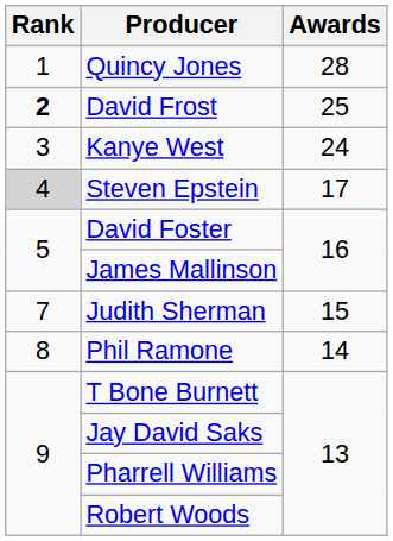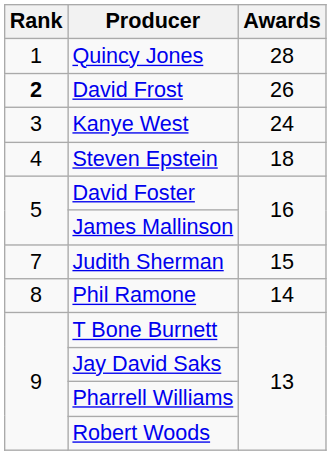 <table class="wikitable" style="text-align: center; cellpadding: 2;">
 <tr>
 <th>Rank</th>
 <th>Producer</th>
 <th>Awards</th>
 </tr>
 <tr>
 <td>1</td>
 <td style="text-align: left;"><a href='#'>Quincy Jones</a></td>
 <td>28</td>
 </tr>
 <tr>
 <td><strong>2</strong></td>
 <td style="text-align: left;"><a href='#'>David Frost</a></td>
-<td>25</td>
+<td>26</td>
 </tr>
 <tr>
 <td>3</td>
 <td style="text-align: left;"><a href='#'>Kanye West</a></td>
 <td>24</td>
 </tr>
 <tr>
-<td style="background: lightgrey;">4</td>
+<td>4</td>
 <td style="text-align: left;"><a href='#'>Steven Epstein</a></td>
-<td>17</td>
+<td>18</td>
 </tr>
 <tr>
 <td rowspan="2">5</td>
 <td style="text-align: left;"><a href='#'>David Foster</a></td>
 <td rowspan="2">16</td>
 </tr>
 <tr>
 <td style="text-align: left;"><a href='#'>James Mallinson</a></td>
 </tr>
 <tr>
 <td rowspan="1">7</td>
 <td style="text-align: left;"><a href='#'>Judith Sherman</a></td>
 <td rowspan="1">15</td>
 </tr>
 <tr>
 <td>8</td>
 <td style="text-align: left;"><a href='#'>Phil Ramone</a></td>
 <td>14</td>
 </tr>
 <tr>
 <td rowspan="4">9</td>
 <td style="text-align: left;"><a href='#'>T Bone Burnett</a></td>
 <td rowspan=4>13</td>
 </tr>
 <tr>
 <td style="text-align: left;"><a href='#'>Jay David Saks</a></td>
 </tr>
 <tr>
 <td style="text-align: left;"><a href='#'>Pharrell Williams</a></td>
 </tr>
 <tr>
 <td style="text-align: left;"><a href='#'>Robert Woods</a></td>
 </tr>
 </table>
